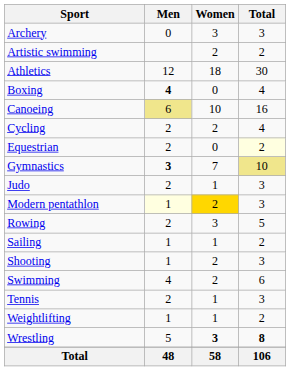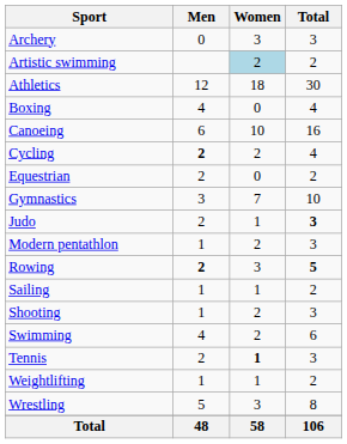 <table class="wikitable sortable" style="text-align:center;">
 <tr>
 <th width=180>Sport</th>
 <th width=55>Men</th>
 <th width=55>Women</th>
 <th width=55>Total</th>
 </tr>
 <tr>
 <td align=left><a href='#'>Archery</a></td>
 <td>0</td>
 <td>3</td>
 <td>3</td>
 </tr>
 <tr>
 <td align=left><a href='#'>Artistic swimming</a></td>
 <td></td>
-<td>2</td>
+<td style="background: lightblue;">2</td>
 <td>2</td>
 </tr>
 <tr>
 <td align=left><a href='#'>Athletics</a></td>
 <td>12</td>
 <td>18</td>
 <td>30</td>
 </tr>
 <tr>
 <td align=left><a href='#'>Boxing</a></td>
-<td><strong>4</strong></td>
+<td>4</td>
 <td>0</td>
 <td>4</td>
 </tr>
 <tr>
 <td align=left><a href='#'>Canoeing</a></td>
-<td style="background: khaki;">6</td>
+<td>6</td>
 <td>10</td>
 <td>16</td>
 </tr>
 <tr>
 <td align=left><a href='#'>Cycling</a></td>
-<td>2</td>
+<td><strong>2</strong></td>
 <td>2</td>
 <td>4</td>
 </tr>
 <tr>
 <td align=left><a href='#'>Equestrian</a></td>
 <td>2</td>
 <td>0</td>
-<td style="background: lightyellow;">2</td>
+<td>2</td>
 </tr>
 <tr>
 <td align=left><a href='#'>Gymnastics</a></td>
-<td><strong>3</strong></td>
+<td>3</td>
 <td>7</td>
-<td style="background: khaki;">10</td>
+<td>10</td>
 </tr>
 <tr>
 <td align=left><a href='#'>Judo</a></td>
 <td>2</td>
 <td>1</td>
-<td>3</td>
+<td><strong>3</strong></td>
 </tr>
 <tr>
 <td align=left><a href='#'>Modern pentathlon</a></td>
-<td style="background: lightyellow;">1</td>
-<td style="background: gold;">2</td>
+<td>1</td>
+<td>2</td>
 <td>3</td>
 </tr>
 <tr>
 <td align=left><a href='#'>Rowing</a></td>
-<td>2</td>
+<td><strong>2</strong></td>
 <td>3</td>
-<td>5</td>
+<td><strong>5</strong></td>
 </tr>
 <tr>
 <td align=left><a href='#'>Sailing</a></td>
 <td>1</td>
 <td>1</td>
 <td>2</td>
 </tr>
 <tr>
 <td align=left><a href='#'>Shooting</a></td>
 <td>1</td>
 <td>2</td>
 <td>3</td>
 </tr>
 <tr>
 <td align=left><a href='#'>Swimming</a></td>
 <td>4</td>
 <td>2</td>
 <td>6</td>
 </tr>
 <tr>
 <td align=left><a href='#'>Tennis</a></td>
 <td>2</td>
-<td>1</td>
+<td><strong>1</strong></td>
 <td>3</td>
 </tr>
 <tr>
 <td align=left><a href='#'>Weightlifting</a></td>
 <td>1</td>
 <td>1</td>
 <td>2</td>
 </tr>
 <tr>
 <td align=left><a href='#'>Wrestling</a></td>
 <td>5</td>
-<td><strong>3</strong></td>
-<td><strong>8</strong></td>
+<td>3</td>
+<td>8</td>
 </tr>
 <tr>
 </tr>
 <tr class="sortbottom">
 <th>Total</th>
 <th>48</th>
 <th>58</th>
 <th>106</th>
 </tr>
 </table>
